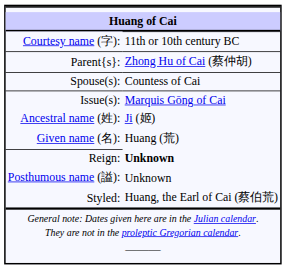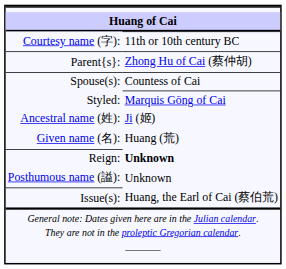 <table cellpadding=3px cellspacing=0px bgcolor=#f7f8ff style="float:right; border:2px solid; margin:5px">
 <tr>
 <td colspan=2 align=center style="border-top:2px solid"></td>
 </tr>
 <tr>
 <th align=center style="background:#ccf; border-bottom:2px solid" colspan=2>Huang of Cai</th>
 </tr>
 <tr>
 <td align="right"><a href='#'>Courtesy name</a> (字):</td>
 <td style="border-top:1px solid">11th or 10th century BC</td>
 </tr>
 <tr>
 <td align=right style="border-top:1px solid">Parent{s}:</td>
 <td style="border-top:1px solid"><a href='#'>Zhong Hu of Cai</a> (蔡仲胡)</td>
 </tr>
 <tr>
 <td align=right style="border-top:1px solid">Spouse(s):</td>
 <td style="border-top:1px solid">Countess of Cai</td>
 </tr>
 <tr>
-<td align=right style="border-top:1px solid">Issue(s):</td>
+<td align="right">Styled:</td>
 <td style="border-top:1px solid"><a href='#'>Marquis Gōng of Cai</a></td>
 </tr>
 <tr>
 <td align="right"><a href='#'>Ancestral name</a> (姓):</td>
 <td><a href='#'>Ji</a> (姬)</td>
 </tr>
 <tr>
 <td align="right"><a href='#'>Given name</a> (名):</td>
 <td>Huang (荒)</td>
 </tr>
 <tr>
 <td align=right style="border-top:1px solid">Reign:</td>
 <td><strong>Unknown</strong></td>
 </tr>
 <tr>
 <td align="right" nowrap="nowrap"><a href='#'>Posthumous name</a> (謚):</td>
 <td>Unknown</td>
 </tr>
 <tr>
-<td align="right">Styled:</td>
+<td align=right style="border-top:1px solid">Issue(s):</td>
 <td>Huang, the Earl of Cai (蔡伯荒)</td>
 </tr>
 <tr>
 <td colspan=2 align=center style="border-top:3px solid"><small><em>General note: Dates given here are in the <a href='#'>Julian calendar</a></em>.<br><em>They are not in the <a href='#'>proleptic Gregorian calendar</a></em>.</small></td>
 </tr>
 <tr>
 <td colspan=2 align=center>———</td>
 </tr>
 <tr>
 <td></td>
 </tr>
 <tr>
 </tr>
 </table>
